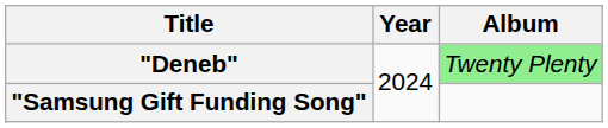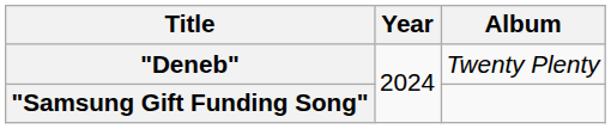 <table class="wikitable plainrowheaders" style="text-align:center">
 <tr>
 <th scope="col">Title</th>
 <th scope="col">Year</th>
 <th scope="col">Album</th>
 </tr>
 <tr>
 <th scope="row">"Deneb"<br></th>
 <td rowspan="2">2024</td>
-<td style="background: lightgreen;"><em>Twenty Plenty</em></td>
+<td><em>Twenty Plenty</em></td>
 </tr>
 <tr>
 <th scope="row">"Samsung Gift Funding Song"<br></th>
 <td></td>
 </tr>
 </table>
